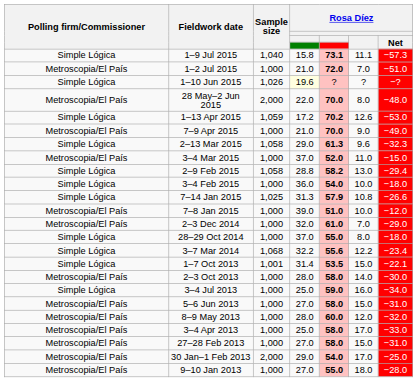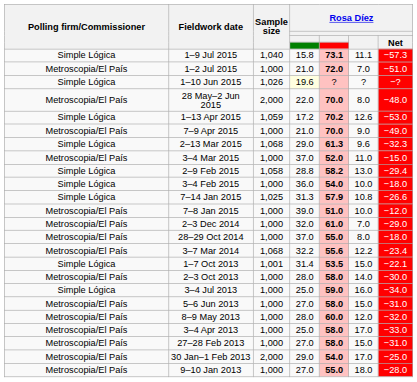 <table class="wikitable collapsible collapsed" style="text-align:center; font-size:90%; line-height:14px;">
 <tr style="height:42px;">
 <th style="width:250px;" rowspan="4">Polling firm/Commissioner</th>
 <th style="width:125px;" rowspan="4">Fieldwork date</th>
 <th style="width:50px;" rowspan="4">Sample size</th>
 <th style="width:185px;" colspan="4"><a href='#'>Rosa Díez</a><br></th>
 </tr>
 <tr>
 <th colspan="4" style="background:"></th>
 </tr>
 <tr>
 <th style="width:30px;"></th>
 <th style="width:30px;"></th>
 <th style="width:30px;" rowspan="2"></th>
 <th style="width:30px;" rowspan="2">Net</th>
 </tr>
 <tr>
 <th style="color:inherit;background:#008000;"></th>
 <th style="color:inherit;background:#FF0000;"></th>
 </tr>
 <tr>
 <td>Simple Lógica</td>
 <td>1–9 Jul 2015</td>
 <td>1,040</td>
 <td>15.8</td>
 <td style="background:#FFC2C1;"><strong>73.1</strong></td>
 <td>11.1</td>
 <td style="background:#FF0000; color:white;">−57.3</td>
 </tr>
 <tr>
 <td>Metroscopia/El País</td>
 <td>1–2 Jul 2015</td>
 <td>1,000</td>
 <td>21.0</td>
 <td style="background:#FFC2C1;"><strong>72.0</strong></td>
 <td>7.0</td>
 <td style="background:#FF0000; color:white;">−51.0</td>
 </tr>
 <tr>
 <td>Simple Lógica</td>
 <td>1–10 Jun 2015</td>
 <td>1,026</td>
 <td style="background: lightyellow;">19.6</td>
 <td style="background:#FFC2C1;">?</td>
 <td>?</td>
 <td style="background:#FF0000; color:white;">−?</td>
 </tr>
 <tr>
 <td>Metroscopia/El País</td>
 <td>28 May–2 Jun 2015</td>
 <td>2,000</td>
 <td>22.0</td>
 <td style="background:#FFC2C1;"><strong>70.0</strong></td>
 <td>8.0</td>
 <td style="background:#FF0000; color:white;">−48.0</td>
 </tr>
 <tr>
 <td>Simple Lógica</td>
 <td>1–13 Apr 2015</td>
 <td>1,059</td>
 <td>17.2</td>
 <td style="background:#FFC2C1;"><strong>70.2</strong></td>
 <td>12.6</td>
 <td style="background:#FF0000; color:white;">−53.0</td>
 </tr>
 <tr>
 <td>Metroscopia/El País</td>
 <td>7–9 Apr 2015</td>
 <td>1,000</td>
 <td>21.0</td>
 <td style="background:#FFC2C1;"><strong>70.0</strong></td>
 <td>9.0</td>
 <td style="background:#FF0000; color:white;">−49.0</td>
 </tr>
 <tr>
 <td>Simple Lógica</td>
 <td>2–13 Mar 2015</td>
-<td>1,058</td>
+<td>1,068</td>
 <td>29.0</td>
 <td style="background:#FFC2C1;"><strong>61.3</strong></td>
 <td>9.6</td>
 <td style="background:#FF0000; color:white;">−32.3</td>
 </tr>
 <tr>
 <td>Metroscopia/El País</td>
 <td>3–4 Mar 2015</td>
 <td>1,000</td>
 <td>37.0</td>
 <td style="background:#FFC2C1;"><strong>52.0</strong></td>
 <td>11.0</td>
 <td style="background:#FF0000; color:white;">−15.0</td>
 </tr>
 <tr>
 <td>Simple Lógica</td>
 <td>2–9 Feb 2015</td>
 <td>1,058</td>
 <td>28.8</td>
 <td style="background:#FFC2C1;"><strong>58.2</strong></td>
 <td>13.0</td>
 <td style="background:#FF0000; color:white;">−29.4</td>
 </tr>
 <tr>
 <td>Simple Lógica</td>
 <td>3–4 Feb 2015</td>
 <td>1,000</td>
 <td>36.0</td>
 <td style="background:#FFC2C1;"><strong>54.0</strong></td>
 <td>10.0</td>
 <td style="background:#FF0000; color:white;">−18.0</td>
 </tr>
 <tr>
 <td>Simple Lógica</td>
 <td>7–14 Jan 2015</td>
 <td>1,025</td>
 <td>31.3</td>
 <td style="background:#FFC2C1;"><strong>57.9</strong></td>
 <td>10.8</td>
 <td style="background:#FF0000; color:white;">−26.6</td>
 </tr>
 <tr>
 <td>Metroscopia/El País</td>
 <td>7–8 Jan 2015</td>
 <td>1,000</td>
 <td>39.0</td>
 <td style="background:#FFC2C1;"><strong>51.0</strong></td>
 <td>10.0</td>
 <td style="background:#FF0000; color:white;">−12.0</td>
 </tr>
 <tr>
 <td>Metroscopia/El País</td>
 <td>2–3 Dec 2014</td>
 <td>1,000</td>
 <td>32.0</td>
 <td style="background:#FFC2C1;"><strong>61.0</strong></td>
 <td>7.0</td>
 <td style="background:#FF0000; color:white;">−29.0</td>
 </tr>
 <tr>
-<td>Simple Lógica</td>
+<td>Metroscopia/El País</td>
 <td>28–29 Oct 2014</td>
 <td>1,000</td>
 <td>37.0</td>
 <td style="background:#FFC2C1;"><strong>55.0</strong></td>
 <td>8.0</td>
 <td style="background:#FF0000; color:white;">−18.0</td>
 </tr>
 <tr>
-<td>Simple Lógica</td>
+<td>Metroscopia/El País</td>
 <td>3–7 Mar 2014</td>
 <td>1,068</td>
 <td>32.2</td>
 <td style="background:#FFC2C1;"><strong>55.6</strong></td>
 <td>12.2</td>
 <td style="background:#FF0000; color:white;">−23.4</td>
 </tr>
 <tr>
 <td>Simple Lógica</td>
 <td>1–7 Oct 2013</td>
 <td>1,001</td>
 <td>31.4</td>
 <td style="background:#FFC2C1;"><strong>53.5</strong></td>
 <td>15.0</td>
 <td style="background:#FF0000; color:white;">−22.1</td>
 </tr>
 <tr>
 <td>Metroscopia/El País</td>
 <td>2–3 Oct 2013</td>
 <td>1,000</td>
 <td>28.0</td>
 <td style="background:#FFC2C1;"><strong>58.0</strong></td>
 <td>14.0</td>
 <td style="background:#FF0000; color:white;">−30.0</td>
 </tr>
 <tr>
 <td>Simple Lógica</td>
 <td>3–4 Jul 2013</td>
 <td>1,000</td>
 <td>25.0</td>
 <td style="background:#FFC2C1;"><strong>59.0</strong></td>
 <td>16.0</td>
 <td style="background:#FF0000; color:white;">−34.0</td>
 </tr>
 <tr>
 <td>Metroscopia/El País</td>
 <td>5–6 Jun 2013</td>
 <td>1,000</td>
 <td>27.0</td>
 <td style="background:#FFC2C1;"><strong>58.0</strong></td>
 <td>15.0</td>
 <td style="background:#FF0000; color:white;">−31.0</td>
 </tr>
 <tr>
 <td>Metroscopia/El País</td>
 <td>8–9 May 2013</td>
 <td>1,000</td>
 <td>28.0</td>
 <td style="background:#FFC2C1;"><strong>60.0</strong></td>
 <td>12.0</td>
 <td style="background:#FF0000; color:white;">−32.0</td>
 </tr>
 <tr>
 <td>Metroscopia/El País</td>
 <td>3–4 Apr 2013</td>
 <td>1,000</td>
 <td>25.0</td>
 <td style="background:#FFC2C1;"><strong>58.0</strong></td>
 <td>17.0</td>
 <td style="background:#FF0000; color:white;">−33.0</td>
 </tr>
 <tr>
 <td>Metroscopia/El País</td>
 <td>27–28 Feb 2013</td>
 <td>1,000</td>
 <td>27.0</td>
 <td style="background:#FFC2C1;"><strong>58.0</strong></td>
 <td>15.0</td>
 <td style="background:#FF0000; color:white;">−31.0</td>
 </tr>
 <tr>
 <td>Metroscopia/El País</td>
 <td>30 Jan–1 Feb 2013</td>
 <td>2,000</td>
 <td>29.0</td>
 <td style="background:#FFC2C1;"><strong>54.0</strong></td>
 <td>17.0</td>
 <td style="background:#FF0000; color:white;">−25.0</td>
 </tr>
 <tr>
 <td>Metroscopia/El País</td>
 <td>9–10 Jan 2013</td>
 <td>1,000</td>
 <td>27.0</td>
 <td style="background:#FFC2C1;"><strong>55.0</strong></td>
 <td>18.0</td>
 <td style="background:#FF0000; color:white;">−28.0</td>
 </tr>
 </table>
